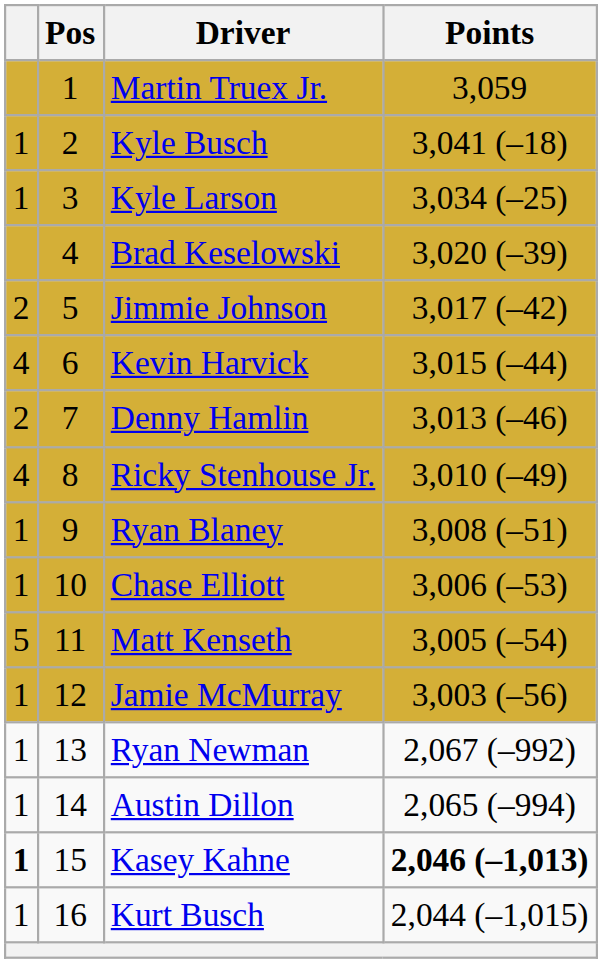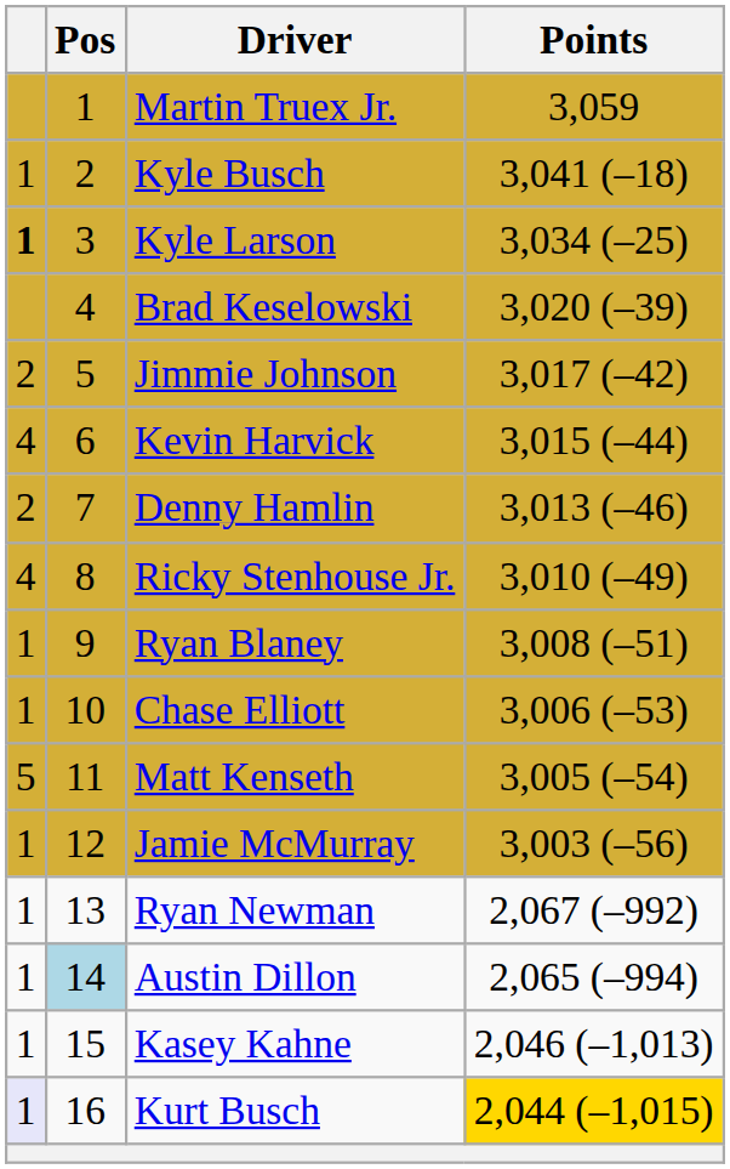 <table class="wikitable" style="font-size: 95%">
 <tr>
 <th></th>
 <th>Pos</th>
 <th>Driver</th>
 <th>Points</th>
 </tr>
 <tr style="background:#D4AF37;">
 <td align="left"></td>
 <td style="text-align:center;">1</td>
 <td><a href='#'>Martin Truex Jr.</a></td>
 <td style="text-align:center;">3,059</td>
 </tr>
 <tr style="background:#D4AF37;">
 <td align="left"> 1</td>
 <td style="text-align:center;">2</td>
 <td><a href='#'>Kyle Busch</a></td>
 <td style="text-align:center;">3,041 (–18)</td>
 </tr>
 <tr style="background:#D4AF37;">
-<td align="left"> 1</td>
+<td align="left"><strong> 1</strong></td>
 <td style="text-align:center;">3</td>
 <td><a href='#'>Kyle Larson</a></td>
 <td style="text-align:center;">3,034 (–25)</td>
 </tr>
 <tr style="background:#D4AF37;">
 <td align="left"></td>
 <td style="text-align:center;">4</td>
 <td><a href='#'>Brad Keselowski</a></td>
 <td style="text-align:center;">3,020 (–39)</td>
 </tr>
 <tr style="background:#D4AF37;">
 <td align="left"> 2</td>
 <td style="text-align:center;">5</td>
 <td><a href='#'>Jimmie Johnson</a></td>
 <td style="text-align:center;">3,017 (–42)</td>
 </tr>
 <tr style="background:#D4AF37;">
 <td align="left"> 4</td>
 <td style="text-align:center;">6</td>
 <td><a href='#'>Kevin Harvick</a></td>
 <td style="text-align:center;">3,015 (–44)</td>
 </tr>
 <tr style="background:#D4AF37;">
 <td align="left"> 2</td>
 <td style="text-align:center;">7</td>
 <td><a href='#'>Denny Hamlin</a></td>
 <td style="text-align:center;">3,013 (–46)</td>
 </tr>
 <tr style="background:#D4AF37;">
 <td align="left"> 4</td>
 <td style="text-align:center;">8</td>
 <td><a href='#'>Ricky Stenhouse Jr.</a></td>
 <td style="text-align:center;">3,010 (–49)</td>
 </tr>
 <tr style="background:#D4AF37;">
 <td align="left"> 1</td>
 <td style="text-align:center;">9</td>
 <td><a href='#'>Ryan Blaney</a></td>
 <td style="text-align:center;">3,008 (–51)</td>
 </tr>
 <tr style="background:#D4AF37;">
 <td align="left"> 1</td>
 <td style="text-align:center;">10</td>
 <td><a href='#'>Chase Elliott</a></td>
 <td style="text-align:center;">3,006 (–53)</td>
 </tr>
 <tr style="background:#D4AF37;">
 <td align="left"> 5</td>
 <td style="text-align:center;">11</td>
 <td><a href='#'>Matt Kenseth</a></td>
 <td style="text-align:center;">3,005 (–54)</td>
 </tr>
 <tr style="background:#D4AF37;">
 <td align="left"> 1</td>
 <td style="text-align:center;">12</td>
 <td><a href='#'>Jamie McMurray</a></td>
 <td style="text-align:center;">3,003 (–56)</td>
 </tr>
 <tr>
 <td align="left"> 1</td>
 <td style="text-align:center;">13</td>
 <td><a href='#'>Ryan Newman</a></td>
 <td style="text-align:center;">2,067 (–992)</td>
 </tr>
 <tr>
 <td align="left"> 1</td>
-<td style="text-align:center;">14</td>
+<td style="background: lightblue; text-align:center;">14</td>
 <td><a href='#'>Austin Dillon</a></td>
 <td style="text-align:center;">2,065 (–994)</td>
 </tr>
 <tr>
-<td align="left"><strong> 1</strong></td>
+<td align="left"> 1</td>
 <td style="text-align:center;">15</td>
 <td><a href='#'>Kasey Kahne</a></td>
-<td style="text-align:center;"><strong>2,046 (–1,013)</strong></td>
+<td style="text-align:center;">2,046 (–1,013)</td>
 </tr>
 <tr>
-<td align="left"> 1</td>
+<td align="left" style="background: lavender;"> 1</td>
 <td style="text-align:center;">16</td>
 <td><a href='#'>Kurt Busch</a></td>
-<td style="text-align:center;">2,044 (–1,015)</td>
+<td style="background: gold; text-align:center;">2,044 (–1,015)</td>
 </tr>
 <tr class="sortbottom">
 <th colspan="9"></th>
 </tr>
 </table>
